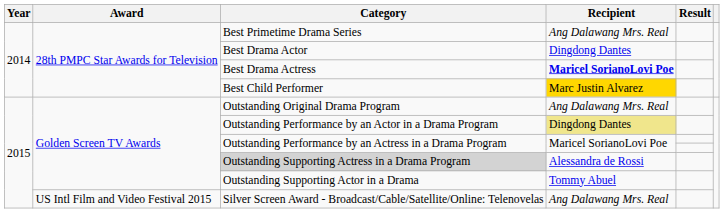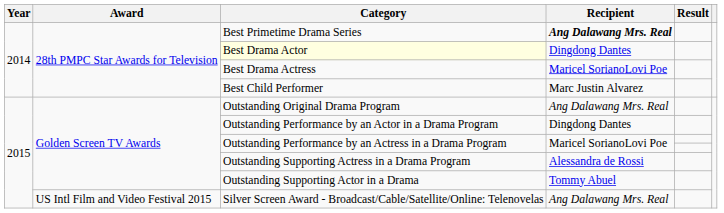 <table class="wikitable">
 <tr>
 <th>Year</th>
 <th>Award</th>
 <th>Category</th>
 <th>Recipient</th>
 <th>Result</th>
 <th></th>
 </tr>
 <tr>
 <td rowspan=4>2014</td>
 <td rowspan=4><a href='#'>28th PMPC Star Awards for Television</a></td>
 <td>Best Primetime Drama Series</td>
-<td><em>Ang Dalawang Mrs. Real</em></td>
+<td><strong><em>Ang Dalawang Mrs. Real</em></strong></td>
 <td></td>
 <td rowspan=4></td>
 </tr>
 <tr>
-<td>Best Drama Actor</td>
+<td style="background: lightyellow;">Best Drama Actor</td>
 <td><a href='#'>Dingdong Dantes</a></td>
 <td></td>
 </tr>
 <tr>
 <td>Best Drama Actress</td>
-<td><strong><a href='#'>Maricel Soriano</a><a href='#'>Lovi Poe</a></strong></td>
+<td><a href='#'>Maricel Soriano</a><a href='#'>Lovi Poe</a></td>
 <td></td>
 </tr>
 <tr>
 <td>Best Child Performer</td>
-<td style="background: gold;">Marc Justin Alvarez</td>
+<td>Marc Justin Alvarez</td>
 <td></td>
 </tr>
 <tr>
 <td rowspan=7>2015</td>
 <td rowspan=6><a href='#'>Golden Screen TV Awards</a></td>
 <td>Outstanding Original Drama Program</td>
 <td><em>Ang Dalawang Mrs. Real</em></td>
 <td></td>
 <td rowspan=7></td>
 </tr>
 <tr>
 <td>Outstanding Performance by an Actor in a Drama Program</td>
-<td style="background: khaki;">Dingdong Dantes</td>
+<td>Dingdong Dantes</td>
 <td></td>
 </tr>
 <tr>
 <td rowspan=2>Outstanding Performance by an Actress in a Drama Program</td>
 <td rowspan=2>Maricel SorianoLovi Poe</td>
 <td></td>
 </tr>
 <tr>
 <td></td>
 </tr>
 <tr>
-<td style="background: lightgrey;">Outstanding Supporting Actress in a Drama Program</td>
+<td>Outstanding Supporting Actress in a Drama Program</td>
 <td><a href='#'>Alessandra de Rossi</a></td>
 <td></td>
 </tr>
 <tr>
 <td>Outstanding Supporting Actor in a Drama</td>
 <td><a href='#'>Tommy Abuel</a></td>
 <td></td>
 </tr>
 <tr>
 <td>US Intl Film and Video Festival 2015</td>
 <td>Silver Screen Award - Broadcast/Cable/Satellite/Online: Telenovelas</td>
 <td><em>Ang Dalawang Mrs. Real</em></td>
 <td></td>
 </tr>
 </table>
